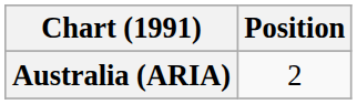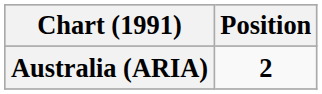 <table class="wikitable plainrowheaders" style="text-align:center">
 <tr>
 <th scope="col">Chart (1991)</th>
 <th scope="col">Position</th>
 </tr>
 <tr>
 <th scope="row">Australia (ARIA)</th>
-<td>2</td>
+<td><strong>2</strong></td>
 </tr>
 </table>
